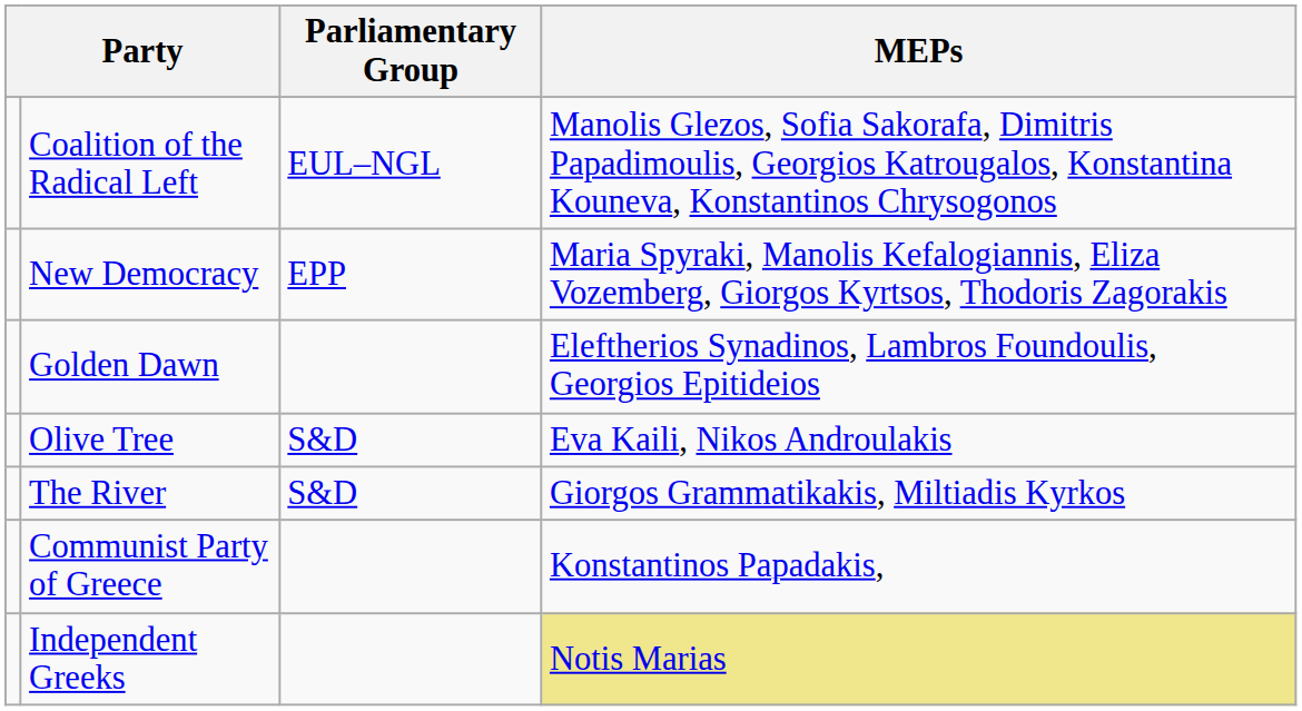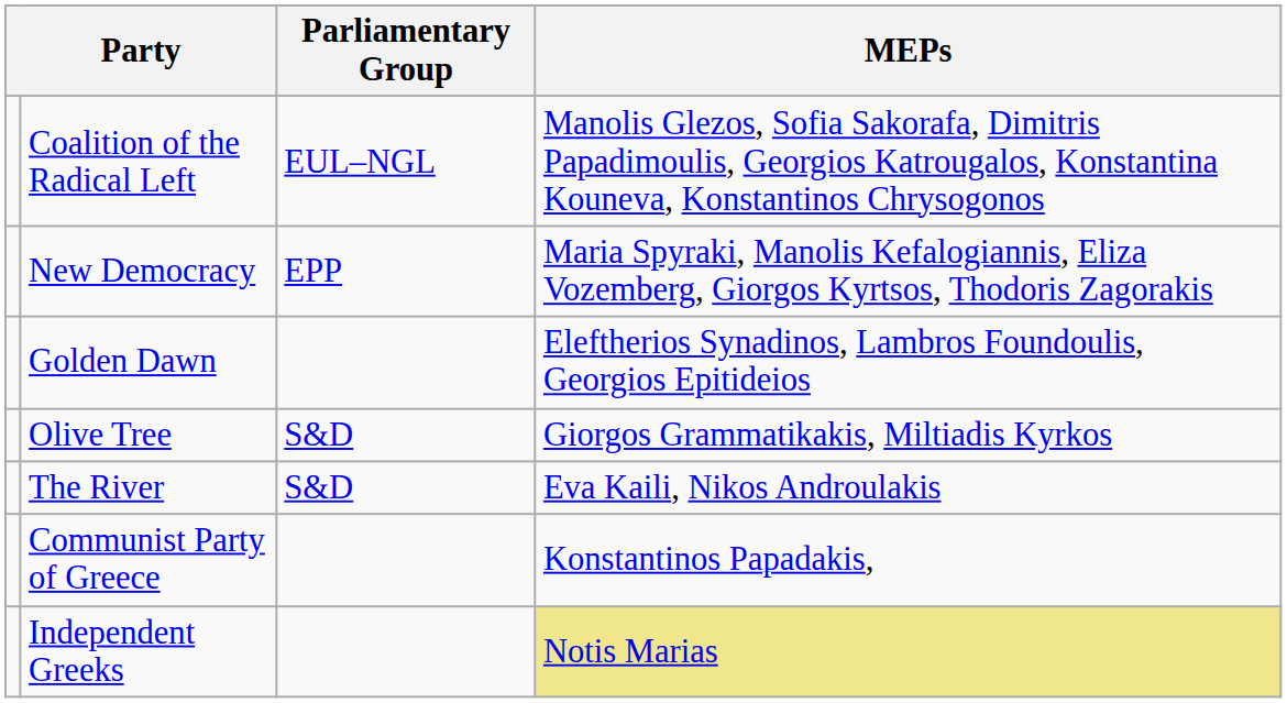 <table class=wikitable>
 <tr>
 <th colspan="2">Party</th>
 <th>Parliamentary Group</th>
 <th>MEPs</th>
 </tr>
 <tr>
 <td bgcolor=></td>
 <td><a href='#'>Coalition of the Radical Left</a></td>
 <td><a href='#'>EUL–NGL</a></td>
 <td><a href='#'>Manolis Glezos</a>, <a href='#'>Sofia Sakorafa</a>, <a href='#'>Dimitris Papadimoulis</a>, <a href='#'>Georgios Katrougalos</a>, <a href='#'>Konstantina Kouneva</a>, <a href='#'>Konstantinos Chrysogonos</a></td>
 </tr>
 <tr>
 <td bgcolor=></td>
 <td><a href='#'>New Democracy</a></td>
 <td><a href='#'>EPP</a></td>
 <td><a href='#'>Maria Spyraki</a>, <a href='#'>Manolis Kefalogiannis</a>, <a href='#'>Eliza Vozemberg</a>, <a href='#'>Giorgos Kyrtsos</a>, <a href='#'>Thodoris Zagorakis</a></td>
 </tr>
 <tr>
 <td bgcolor=></td>
 <td><a href='#'>Golden Dawn</a></td>
 <td></td>
 <td><a href='#'>Eleftherios Synadinos</a>, <a href='#'>Lambros Foundoulis</a>, <a href='#'>Georgios Epitideios</a></td>
 </tr>
 <tr>
 <td bgcolor=></td>
 <td><a href='#'>Olive Tree</a></td>
 <td><a href='#'>S&D</a></td>
-<td><a href='#'>Eva Kaili</a>, <a href='#'>Nikos Androulakis</a></td>
+<td><a href='#'>Giorgos Grammatikakis</a>, <a href='#'>Miltiadis Kyrkos</a></td>
 </tr>
 <tr>
 <td bgcolor=></td>
 <td><a href='#'>The River</a></td>
 <td><a href='#'>S&D</a></td>
-<td><a href='#'>Giorgos Grammatikakis</a>, <a href='#'>Miltiadis Kyrkos</a></td>
+<td><a href='#'>Eva Kaili</a>, <a href='#'>Nikos Androulakis</a></td>
 </tr>
 <tr>
 <td bgcolor=></td>
 <td><a href='#'>Communist Party of Greece</a></td>
 <td align="left"></td>
 <td><a href='#'>Konstantinos Papadakis</a>, </td>
 </tr>
 <tr>
 <td bgcolor=></td>
 <td><a href='#'>Independent Greeks</a></td>
 <td></td>
 <td style="background: khaki;"><a href='#'>Notis Marias</a></td>
 </tr>
 </table>
